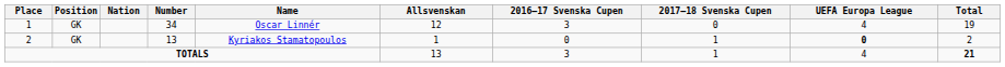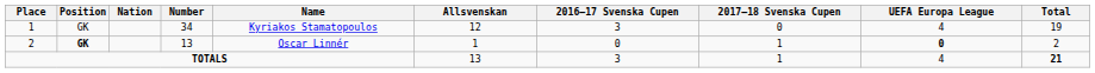 <table class="wikitable" style="font-size: 95%; text-align: center;">
 <tr>
 <th width=60>Place</th>
 <th width=60>Position</th>
 <th width=60>Nation</th>
 <th width=60>Number</th>
 <th width=250>Name</th>
 <th width=150>Allsvenskan</th>
 <th width=200>2016–17 Svenska Cupen</th>
 <th width=200>2017–18 Svenska Cupen</th>
 <th width=200>UEFA Europa League</th>
 <th width=80><strong>Total</strong></th>
 </tr>
 <tr>
 <td>1</td>
 <td>GK</td>
 <td></td>
 <td>34</td>
-<td><a href='#'>Oscar Linnér</a></td>
+<td><a href='#'>Kyriakos Stamatopoulos</a></td>
 <td>12</td>
 <td>3</td>
 <td>0</td>
 <td>4</td>
 <td>19</td>
 </tr>
 <tr>
 <td>2</td>
-<td>GK</td>
+<td><strong>GK</strong></td>
 <td></td>
 <td>13</td>
-<td><a href='#'>Kyriakos Stamatopoulos</a></td>
+<td><a href='#'>Oscar Linnér</a></td>
 <td>1</td>
 <td>0</td>
 <td>1</td>
 <td><strong>0</strong></td>
 <td>2</td>
 </tr>
 <tr>
 <td colspan="5"><strong>TOTALS</strong></td>
 <td>13</td>
 <td>3</td>
 <td>1</td>
 <td>4</td>
 <td><strong>21</strong></td>
 </tr>
 </table>
